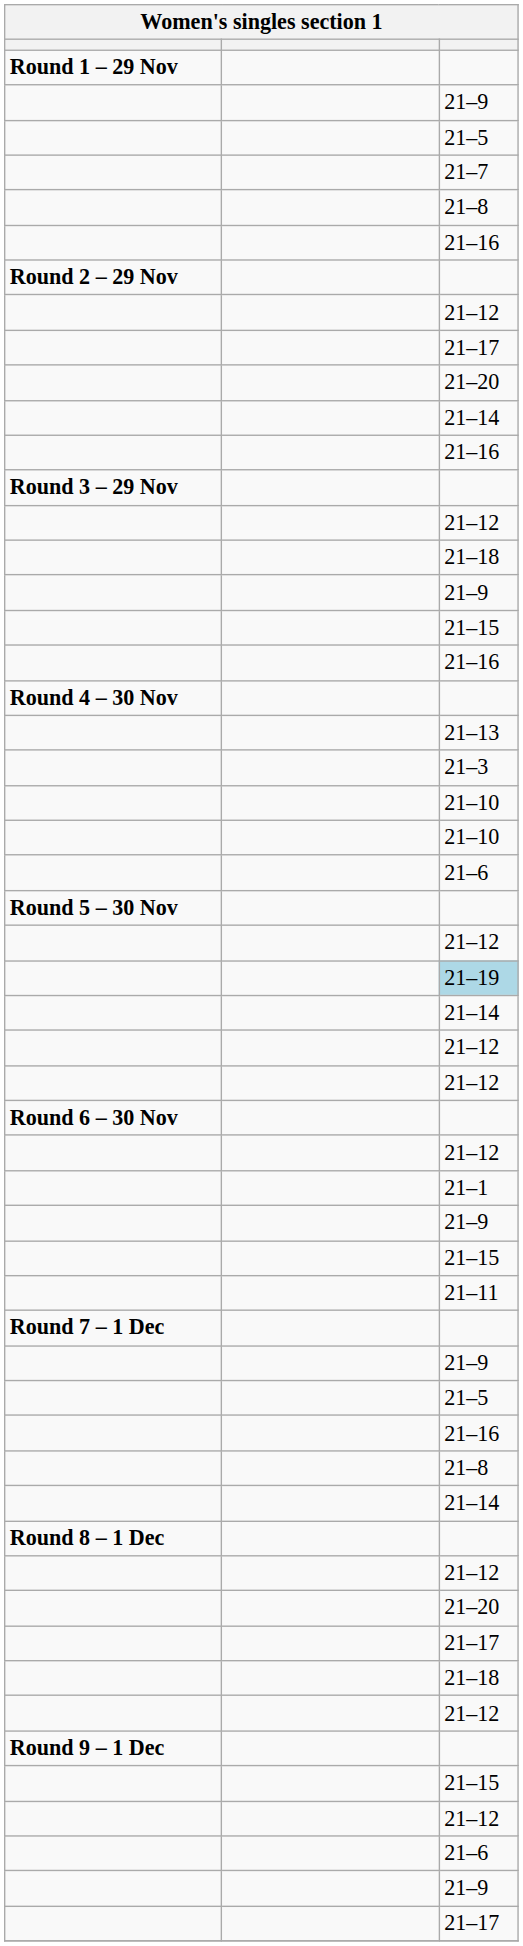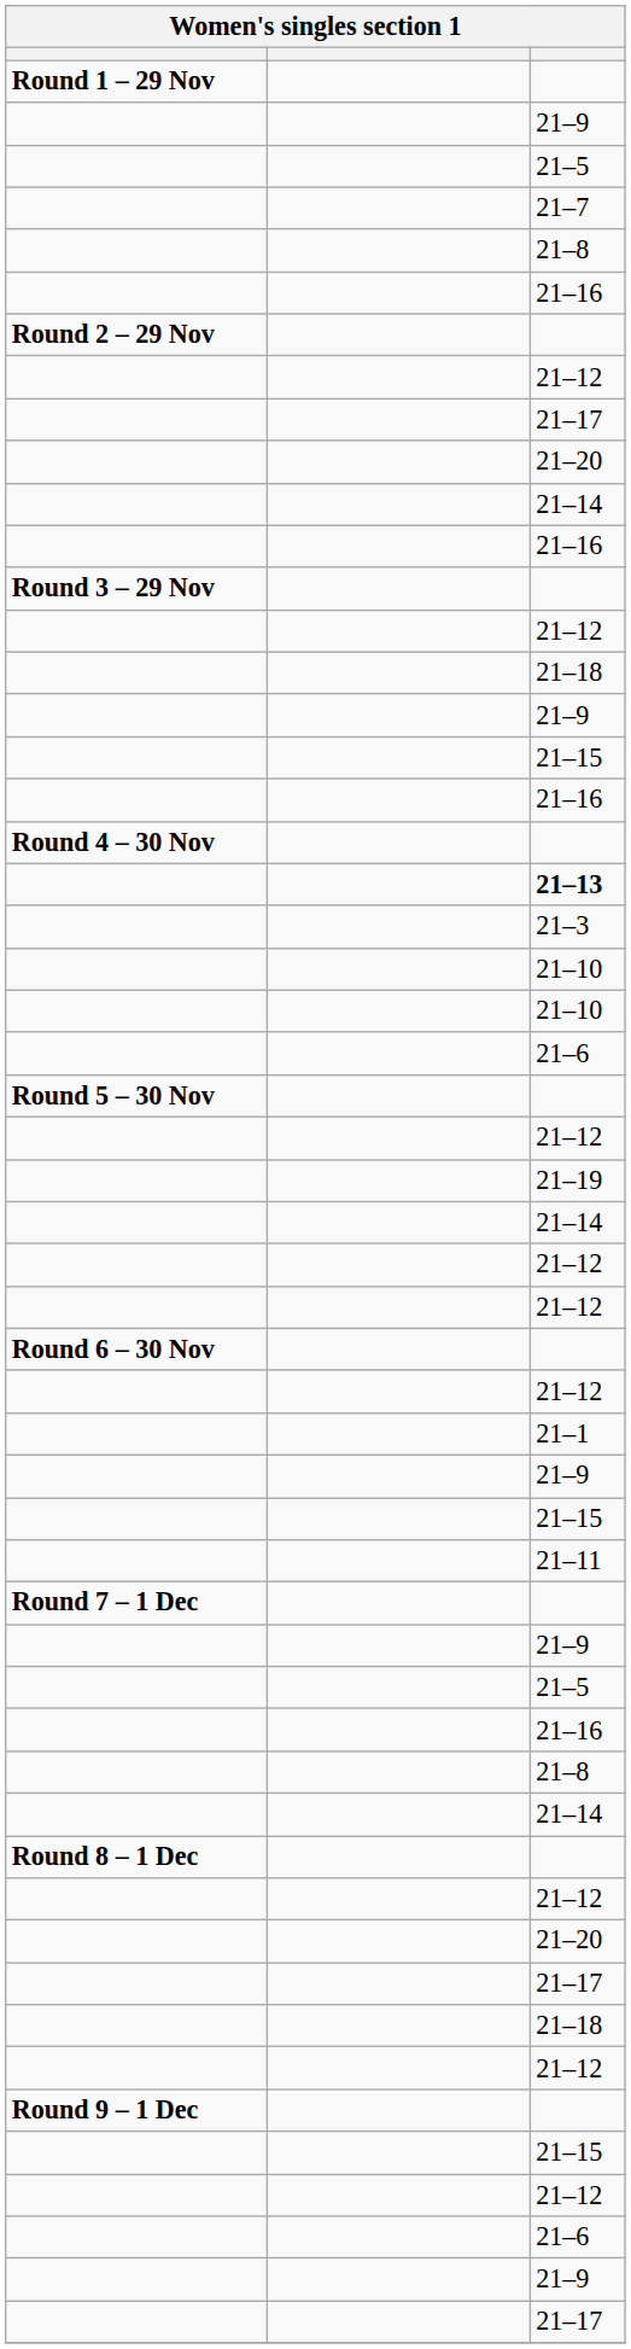 <table class="wikitable">
 <tr>
 <th colspan="3">Women's singles section 1</th>
 </tr>
 <tr>
 <th width=150></th>
 <th width=150></th>
 <th width=50></th>
 </tr>
 <tr>
 <td><strong>Round 1 – 29 Nov</strong></td>
 <td></td>
 <td></td>
 </tr>
 <tr>
 <td></td>
 <td></td>
 <td>21–9</td>
 </tr>
 <tr>
 <td></td>
 <td></td>
 <td>21–5</td>
 </tr>
 <tr>
 <td></td>
 <td></td>
 <td>21–7</td>
 </tr>
 <tr>
 <td></td>
 <td></td>
 <td>21–8</td>
 </tr>
 <tr>
 <td></td>
 <td></td>
 <td>21–16</td>
 </tr>
 <tr>
 <td><strong>Round 2 – 29 Nov</strong></td>
 <td></td>
 <td></td>
 </tr>
 <tr>
 <td></td>
 <td></td>
 <td>21–12</td>
 </tr>
 <tr>
 <td></td>
 <td></td>
 <td>21–17</td>
 </tr>
 <tr>
 <td></td>
 <td></td>
 <td>21–20</td>
 </tr>
 <tr>
 <td></td>
 <td></td>
 <td>21–14</td>
 </tr>
 <tr>
 <td></td>
 <td></td>
 <td>21–16</td>
 </tr>
 <tr>
 <td><strong>Round 3 – 29 Nov</strong></td>
 <td></td>
 <td></td>
 </tr>
 <tr>
 <td></td>
 <td></td>
 <td>21–12</td>
 </tr>
 <tr>
 <td></td>
 <td></td>
 <td>21–18</td>
 </tr>
 <tr>
 <td></td>
 <td></td>
 <td>21–9</td>
 </tr>
 <tr>
 <td></td>
 <td></td>
 <td>21–15</td>
 </tr>
 <tr>
 <td></td>
 <td></td>
 <td>21–16</td>
 </tr>
 <tr>
 <td><strong>Round 4 – 30 Nov</strong></td>
 <td></td>
 <td></td>
 </tr>
 <tr>
 <td></td>
 <td></td>
-<td>21–13</td>
+<td><strong>21–13</strong></td>
 </tr>
 <tr>
 <td></td>
 <td></td>
 <td>21–3</td>
 </tr>
 <tr>
 <td></td>
 <td></td>
 <td>21–10</td>
 </tr>
 <tr>
 <td></td>
 <td></td>
 <td>21–10</td>
 </tr>
 <tr>
 <td></td>
 <td></td>
 <td>21–6</td>
 </tr>
 <tr>
 <td><strong>Round 5 – 30 Nov</strong></td>
 <td></td>
 <td></td>
 </tr>
 <tr>
 <td></td>
 <td></td>
 <td>21–12</td>
 </tr>
 <tr>
 <td></td>
 <td></td>
-<td style="background: lightblue;">21–19</td>
+<td>21–19</td>
 </tr>
 <tr>
 <td></td>
 <td></td>
 <td>21–14</td>
 </tr>
 <tr>
 <td></td>
 <td></td>
 <td>21–12</td>
 </tr>
 <tr>
 <td></td>
 <td></td>
 <td>21–12</td>
 </tr>
 <tr>
 <td><strong>Round 6  – 30 Nov </strong></td>
 <td></td>
 <td></td>
 </tr>
 <tr>
 <td></td>
 <td></td>
 <td>21–12</td>
 </tr>
 <tr>
 <td></td>
 <td></td>
 <td>21–1</td>
 </tr>
 <tr>
 <td></td>
 <td></td>
 <td>21–9</td>
 </tr>
 <tr>
 <td></td>
 <td></td>
 <td>21–15</td>
 </tr>
 <tr>
 <td></td>
 <td></td>
 <td>21–11</td>
 </tr>
 <tr>
 <td><strong>Round 7 – 1 Dec </strong></td>
 <td></td>
 <td></td>
 </tr>
 <tr>
 <td></td>
 <td></td>
 <td>21–9</td>
 </tr>
 <tr>
 <td></td>
 <td></td>
 <td>21–5</td>
 </tr>
 <tr>
 <td></td>
 <td></td>
 <td>21–16</td>
 </tr>
 <tr>
 <td></td>
 <td></td>
 <td>21–8</td>
 </tr>
 <tr>
 <td></td>
 <td></td>
 <td>21–14</td>
 </tr>
 <tr>
 <td><strong>Round 8 – 1 Dec </strong></td>
 <td></td>
 <td></td>
 </tr>
 <tr>
 <td></td>
 <td></td>
 <td>21–12</td>
 </tr>
 <tr>
 <td></td>
 <td></td>
 <td>21–20</td>
 </tr>
 <tr>
 <td></td>
 <td></td>
 <td>21–17</td>
 </tr>
 <tr>
 <td></td>
 <td></td>
 <td>21–18</td>
 </tr>
 <tr>
 <td></td>
 <td></td>
 <td>21–12</td>
 </tr>
 <tr>
 <td><strong>Round 9 – 1 Dec </strong></td>
 <td></td>
 <td></td>
 </tr>
 <tr>
 <td></td>
 <td></td>
 <td>21–15</td>
 </tr>
 <tr>
 <td></td>
 <td></td>
 <td>21–12</td>
 </tr>
 <tr>
 <td></td>
 <td></td>
 <td>21–6</td>
 </tr>
 <tr>
 <td></td>
 <td></td>
 <td>21–9</td>
 </tr>
 <tr>
 <td></td>
 <td></td>
 <td>21–17</td>
 </tr>
 <tr>
 </tr>
 </table>
